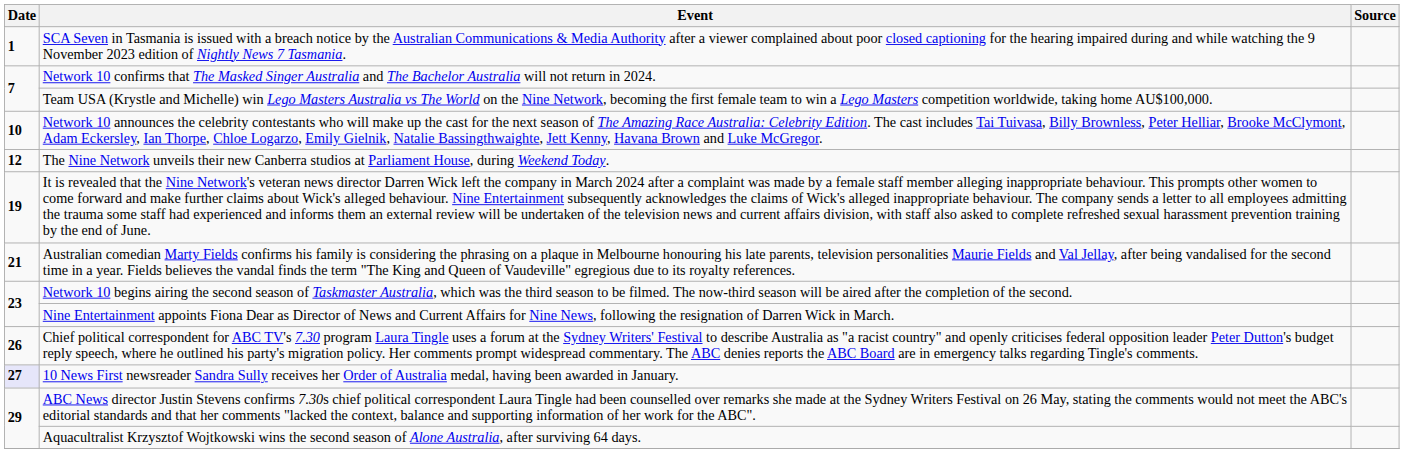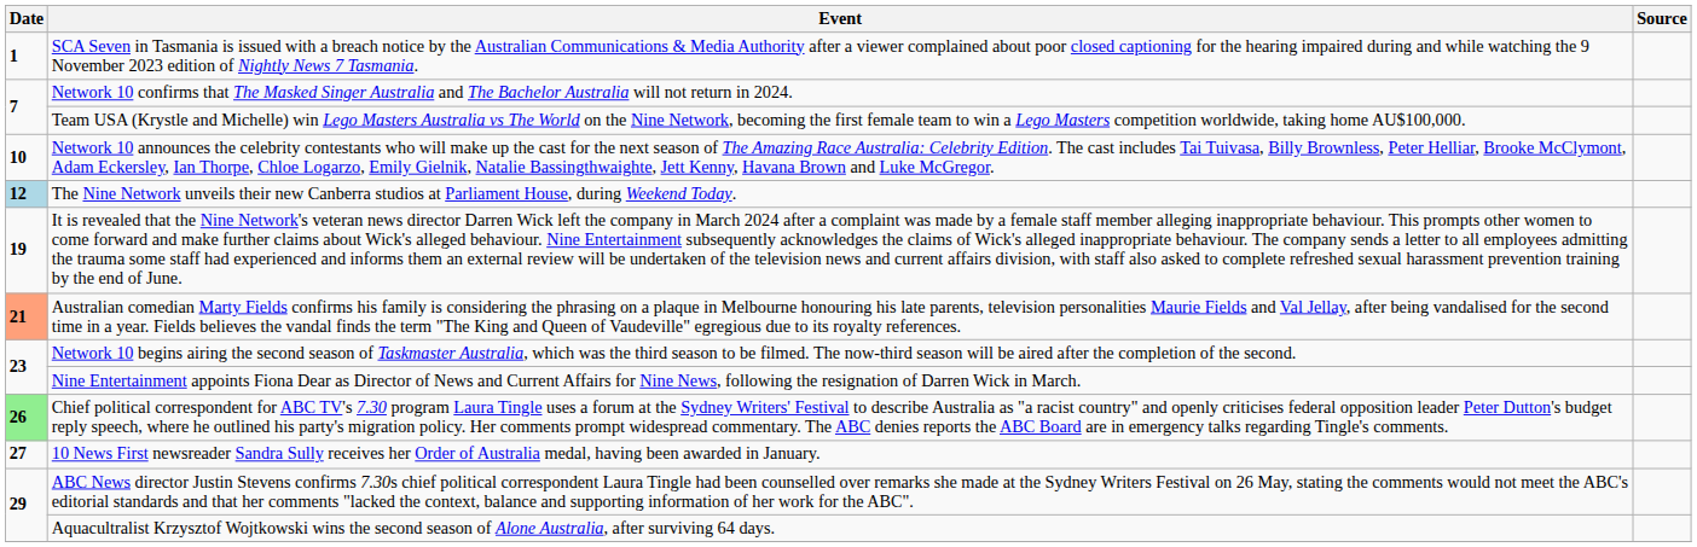 <table class="wikitable">
 <tr>
 <th>Date</th>
 <th>Event</th>
 <th>Source</th>
 </tr>
 <tr>
 <td><strong>1</strong></td>
 <td><a href='#'>SCA Seven</a> in Tasmania is issued with a breach notice by the <a href='#'>Australian Communications & Media Authority</a> after a viewer complained about poor <a href='#'>closed captioning</a> for the hearing impaired during and while watching the 9 November 2023 edition of <em><a href='#'>Nightly News 7 Tasmania</a></em>.</td>
 <td></td>
 </tr>
 <tr>
 <td rowspan=2><strong>7</strong></td>
 <td><a href='#'>Network 10</a> confirms that <em><a href='#'>The Masked Singer Australia</a></em> and <em><a href='#'>The Bachelor Australia</a></em> will not return in 2024.</td>
 <td></td>
 </tr>
 <tr>
 <td>Team USA (Krystle and Michelle) win <em><a href='#'>Lego Masters Australia vs The World</a></em> on the <a href='#'>Nine Network</a>, becoming the first female team to win a <em><a href='#'>Lego Masters</a></em> competition worldwide, taking home AU$100,000.</td>
 <td></td>
 </tr>
 <tr>
 <td><strong>10</strong></td>
 <td><a href='#'>Network 10</a> announces the celebrity contestants who will make up the cast for the next season of <em><a href='#'>The Amazing Race Australia: Celebrity Edition</a></em>. The cast includes <a href='#'>Tai Tuivasa</a>, <a href='#'>Billy Brownless</a>, <a href='#'>Peter Helliar</a>, <a href='#'>Brooke McClymont</a>, <a href='#'>Adam Eckersley</a>, <a href='#'>Ian Thorpe</a>, <a href='#'>Chloe Logarzo</a>, <a href='#'>Emily Gielnik</a>, <a href='#'>Natalie Bassingthwaighte</a>, <a href='#'>Jett Kenny</a>, <a href='#'>Havana Brown</a> and <a href='#'>Luke McGregor</a>.</td>
 <td></td>
 </tr>
 <tr>
-<td><strong>12</strong></td>
+<td style="background: lightblue;"><strong>12</strong></td>
 <td>The <a href='#'>Nine Network</a> unveils their new Canberra studios at <a href='#'>Parliament House</a>, during <em><a href='#'>Weekend Today</a></em>.</td>
 <td></td>
 </tr>
 <tr>
 <td><strong>19</strong></td>
 <td>It is revealed that the <a href='#'>Nine Network</a>'s veteran news director Darren Wick left the company in March 2024 after a complaint was made by a female staff member alleging inappropriate behaviour. This prompts other women to come forward and make further claims about Wick's alleged behaviour. <a href='#'>Nine Entertainment</a> subsequently acknowledges the claims of Wick's alleged inappropriate behaviour. The company sends a letter to all employees admitting the trauma some staff had experienced and informs them an external review will be undertaken of the television news and current affairs division, with staff also asked to complete refreshed sexual harassment prevention training by the end of June.</td>
 <td></td>
 </tr>
 <tr>
-<td><strong>21</strong></td>
+<td style="background: lightsalmon;"><strong>21</strong></td>
 <td>Australian comedian <a href='#'>Marty Fields</a> confirms his family is considering the phrasing on a plaque in Melbourne honouring his late parents, television personalities <a href='#'>Maurie Fields</a> and <a href='#'>Val Jellay</a>, after being vandalised for the second time in a year. Fields believes the vandal finds the term "The King and Queen of Vaudeville" egregious due to its royalty references.</td>
 <td></td>
 </tr>
 <tr>
 <td rowspan=2><strong>23</strong></td>
 <td><a href='#'>Network 10</a> begins airing the second season of <em><a href='#'>Taskmaster Australia</a></em>, which was the third season to be filmed. The now-third season will be aired after the completion of the second.</td>
 <td></td>
 </tr>
 <tr>
 <td><a href='#'>Nine Entertainment</a> appoints Fiona Dear as Director of News and Current Affairs for <a href='#'>Nine News</a>, following the resignation of Darren Wick in March.</td>
 <td></td>
 </tr>
 <tr>
-<td><strong>26</strong></td>
+<td style="background: lightgreen;"><strong>26</strong></td>
 <td>Chief political correspondent for <a href='#'>ABC TV</a>'s <em><a href='#'>7.30</a></em> program <a href='#'>Laura Tingle</a> uses a forum at the <a href='#'>Sydney Writers' Festival</a> to describe Australia as "a racist country" and openly criticises federal opposition leader <a href='#'>Peter Dutton</a>'s budget reply speech, where he outlined his party's migration policy. Her comments prompt widespread commentary. The <a href='#'>ABC</a> denies reports the <a href='#'>ABC Board</a> are in emergency talks regarding Tingle's comments.</td>
 <td></td>
 </tr>
 <tr>
-<td style="background: lavender;"><strong>27</strong></td>
+<td><strong>27</strong></td>
 <td><a href='#'>10 News First</a> newsreader <a href='#'>Sandra Sully</a> receives her <a href='#'>Order of Australia</a> medal, having been awarded in January.</td>
 <td></td>
 </tr>
 <tr>
 <td rowspan=2><strong>29</strong></td>
 <td><a href='#'>ABC News</a> director Justin Stevens confirms <em>7.30</em>s chief political correspondent Laura Tingle had been counselled over remarks she made at the Sydney Writers Festival on 26 May, stating the comments would not meet the ABC's editorial standards and that her comments "lacked the context, balance and supporting information of her work for the ABC".</td>
 <td></td>
 </tr>
 <tr>
 <td>Aquacultralist Krzysztof Wojtkowski wins the second season of <em><a href='#'>Alone Australia</a></em>, after surviving 64 days.</td>
 <td></td>
 </tr>
 <tr>
 </tr>
 </table>
